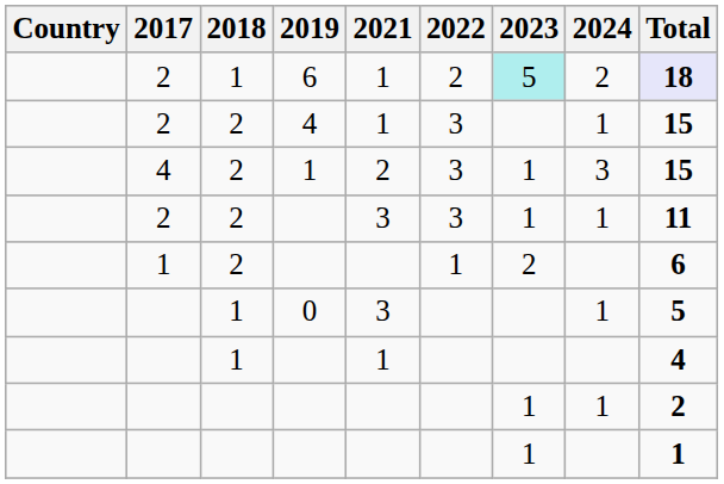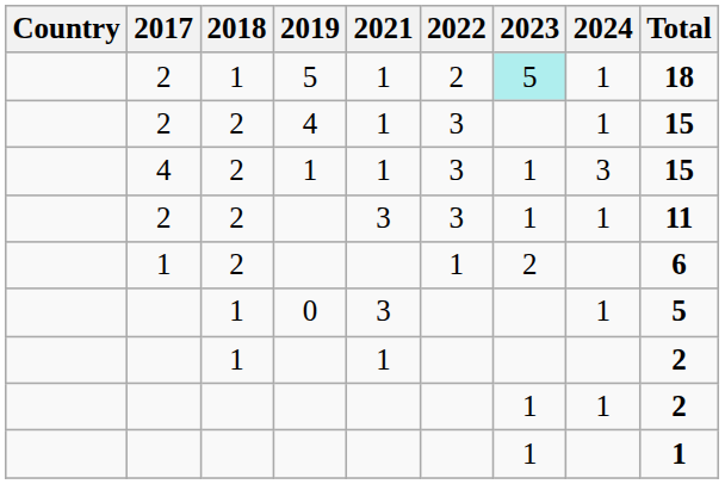 <table class="wikitable" style="text-align: center;">
 <tr>
 <th>Country</th>
 <th>2017</th>
 <th>2018</th>
 <th>2019</th>
 <th>2021</th>
 <th>2022</th>
 <th>2023</th>
 <th>2024</th>
 <th>Total</th>
 </tr>
 <tr>
 <td align="left"></td>
 <td>2</td>
 <td>1</td>
-<td>6</td>
+<td>5</td>
 <td>1</td>
 <td>2</td>
 <td style="background: paleturquoise;">5</td>
-<td>2</td>
-<td style="background: lavender;"><strong>18</strong></td>
+<td>1</td>
+<td><strong>18</strong></td>
 </tr>
 <tr>
 <td align="left"></td>
 <td>2</td>
 <td>2</td>
 <td>4</td>
 <td>1</td>
 <td>3</td>
 <td></td>
 <td>1</td>
 <td><strong>15</strong></td>
 </tr>
 <tr>
 <td align="left"></td>
 <td>4</td>
 <td>2</td>
 <td>1</td>
-<td>2</td>
+<td>1</td>
 <td>3</td>
 <td>1</td>
 <td>3</td>
 <td><strong>15</strong></td>
 </tr>
 <tr>
 <td align="left"></td>
 <td>2</td>
 <td>2</td>
 <td></td>
 <td>3</td>
 <td>3</td>
 <td>1</td>
 <td>1</td>
 <td><strong>11</strong></td>
 </tr>
 <tr>
 <td align="left"></td>
 <td>1</td>
 <td>2</td>
 <td></td>
 <td></td>
 <td>1</td>
 <td>2</td>
 <td></td>
 <td><strong>6</strong></td>
 </tr>
 <tr>
 <td align="left"></td>
 <td></td>
 <td>1</td>
 <td>0</td>
 <td>3</td>
 <td></td>
 <td></td>
 <td>1</td>
 <td><strong>5</strong></td>
 </tr>
 <tr>
 <td align="left"></td>
 <td></td>
 <td>1</td>
 <td></td>
 <td>1</td>
 <td></td>
 <td></td>
 <td></td>
-<td><strong>4</strong></td>
+<td><strong>2</strong></td>
 </tr>
 <tr>
 <td align="left"></td>
 <td></td>
 <td></td>
 <td></td>
 <td></td>
 <td></td>
 <td>1</td>
 <td>1</td>
 <td><strong>2</strong></td>
 </tr>
 <tr>
 <td align="left"></td>
 <td></td>
 <td></td>
 <td></td>
 <td></td>
 <td></td>
 <td>1</td>
 <td></td>
 <td><strong>1</strong></td>
 </tr>
 </table>
